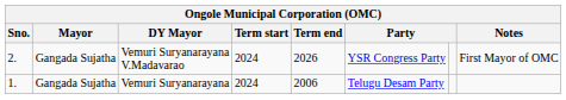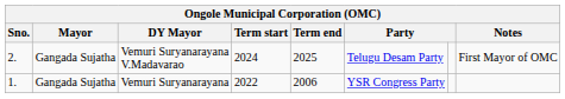 <table class="wikitable sortable">
 <tr>
 <th colspan="8">Ongole Municipal Corporation (OMC)</th>
 </tr>
 <tr>
 <th>Sno.</th>
 <th>Mayor</th>
 <th>DY Mayor</th>
 <th>Term start</th>
 <th>Term end</th>
 <th colspan=2>Party</th>
 <th>Notes</th>
 </tr>
 <tr>
 <td>2.</td>
 <td>Gangada Sujatha</td>
 <td>Vemuri Suryanarayana<br>V.Madavarao</td>
 <td>2024</td>
-<td>2026</td>
-<td rowspan="1"><a href='#'>YSR Congress Party</a></td>
+<td>2025</td>
+<td rowspan="1"><a href='#'>Telugu Desam Party</a></td>
 <td rowspan="1" width="4px" style="background-color: "></td>
 <td>First Mayor of OMC</td>
 </tr>
 <tr>
 <td>1.</td>
 <td>Gangada Sujatha</td>
 <td>Vemuri Suryanarayana</td>
-<td>2024</td>
+<td>2022</td>
 <td>2006</td>
-<td rowspan="1"><a href='#'>Telugu Desam Party</a></td>
+<td rowspan="1"><a href='#'>YSR Congress Party</a></td>
 <td rowspan="1" width="4px" style="background-color: "></td>
 <td></td>
 </tr>
 </table>
